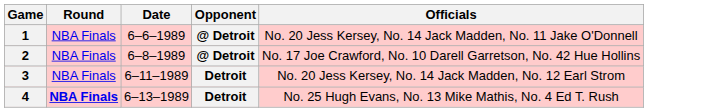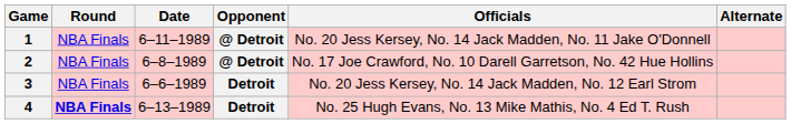 <table class="wikitable">
 <tr>
 <th>Game</th>
 <th>Round</th>
 <th>Date</th>
 <th>Opponent</th>
 <th>Officials</th>
+<th>Alternate</th>
 </tr>
 <tr align="center" bgcolor="#ffcccc">
 <th>1</th>
 <td><a href='#'>NBA Finals</a></td>
-<td>6–6–1989</td>
+<td>6–11–1989</td>
 <th>@ Detroit</th>
 <td>No. 20 Jess Kersey, No. 14 Jack Madden, No. 11 Jake O'Donnell</td>
+<td></td>
 </tr>
 <tr align="center" bgcolor="#ffcccc">
 <th>2</th>
 <td><a href='#'>NBA Finals</a></td>
 <td>6–8–1989</td>
 <th>@ Detroit</th>
 <td>No. 17 Joe Crawford, No. 10 Darell Garretson, No. 42 Hue Hollins</td>
+<td></td>
 </tr>
 <tr align="center" bgcolor="#ffcccc">
 <th>3</th>
 <td><a href='#'>NBA Finals</a></td>
-<td>6–11–1989</td>
+<td>6–6–1989</td>
 <th>Detroit</th>
 <td>No. 20 Jess Kersey, No. 14 Jack Madden, No. 12 Earl Strom</td>
+<td></td>
 </tr>
 <tr align="center" bgcolor="#ffcccc">
 <th>4</th>
 <td><strong><a href='#'>NBA Finals</a></strong></td>
 <td>6–13–1989</td>
 <th>Detroit</th>
 <td>No. 25 Hugh Evans, No. 13 Mike Mathis, No. 4 Ed T. Rush</td>
+<td></td>
 </tr>
 </table>
